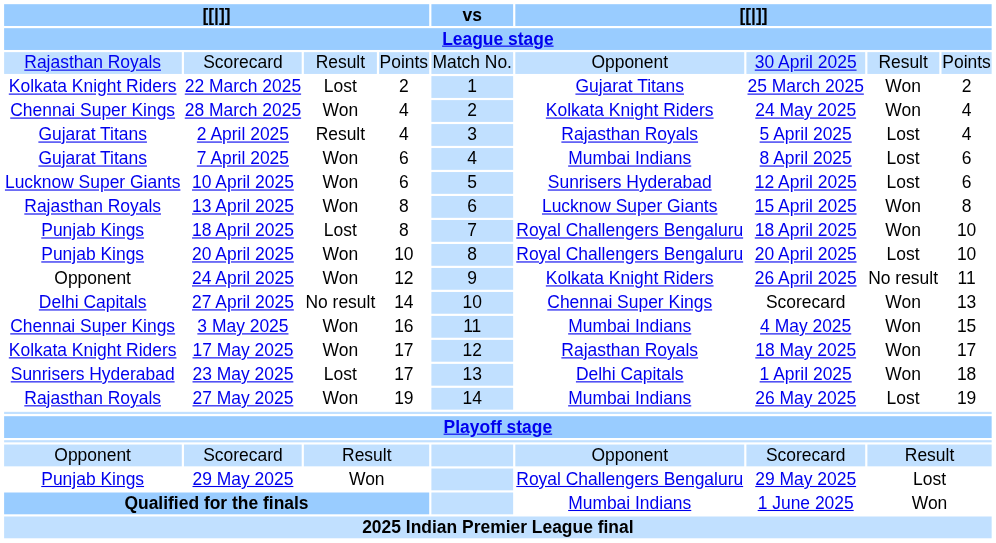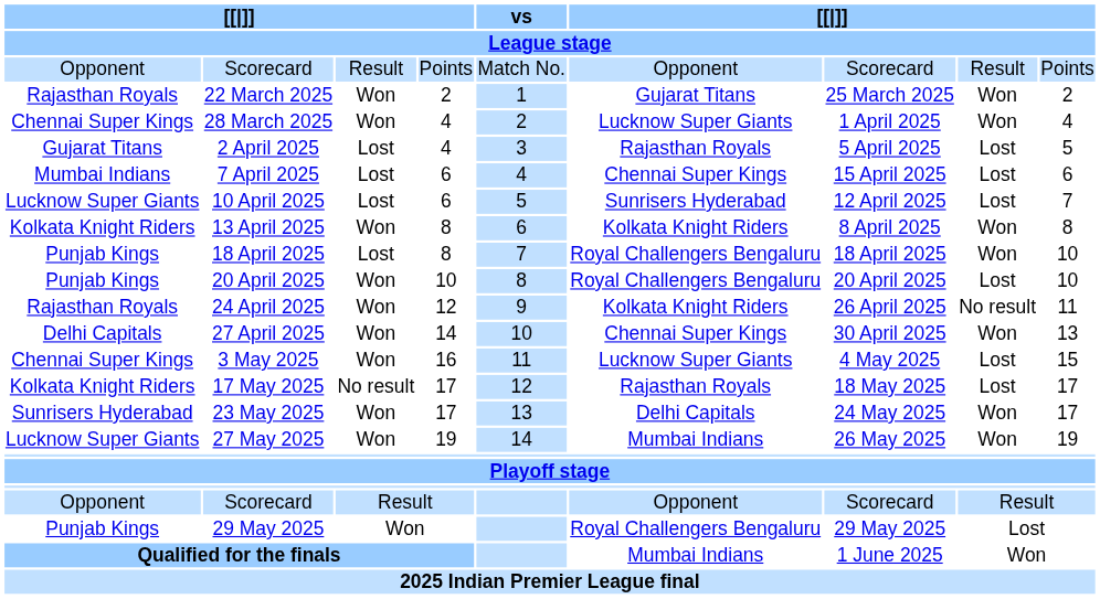 <table style="text-align:center;margin:auto;">
 <tr style="vertical-align:top;background:#99CCFF">
 <th colspan="4" style="background:#">[[|<span></span>]]</th>
 <th>vs</th>
 <th colspan="4" style="background:#">[[|<span></span>]]</th>
 </tr>
 <tr style="vertical-align:top;background:#99CCFF">
 <th colspan="9"><a href='#'>League stage</a></th>
 </tr>
 <tr style="vertical-align:top;background:#C1E0FF">
-<td style="text-align:center"><a href='#'>Rajasthan Royals</a></td>
+<td>Opponent</td>
 <td>Scorecard</td>
 <td>Result</td>
 <td>Points</td>
 <td>Match No.</td>
 <td>Opponent</td>
-<td><a href='#'>30 April 2025</a></td>
+<td>Scorecard</td>
 <td>Result</td>
 <td>Points</td>
 </tr>
 <tr>
-<td style="text-align:center;margin:auto;"><a href='#'>Kolkata Knight Riders</a></td>
+<td style="text-align:center"><a href='#'>Rajasthan Royals</a></td>
 <td><a href='#'>22 March 2025</a></td>
-<td>Lost</td>
+<td>Won</td>
 <td>2</td>
 <td style="background:#C1E0FF">1</td>
 <td style="text-align:center"><a href='#'>Gujarat Titans</a></td>
 <td><a href='#'>25 March 2025</a></td>
 <td>Won</td>
 <td>2</td>
 </tr>
 <tr>
 <td style="text-align:center"><a href='#'>Chennai Super Kings</a></td>
 <td><a href='#'>28 March 2025</a></td>
 <td>Won</td>
 <td>4</td>
 <td style="background:#C1E0FF">2</td>
-<td style="text-align:center"><a href='#'>Kolkata Knight Riders</a></td>
-<td><a href='#'>24 May 2025</a></td>
+<td style="text-align:center"><a href='#'>Lucknow Super Giants</a></td>
+<td><a href='#'>1 April 2025</a></td>
 <td>Won</td>
 <td>4</td>
 </tr>
 <tr>
 <td style="text-align:center"><a href='#'>Gujarat Titans</a></td>
 <td><a href='#'>2 April 2025</a></td>
-<td>Result</td>
+<td>Lost</td>
 <td>4</td>
 <td style="background:#C1E0FF">3</td>
 <td style="text-align:center"><a href='#'>Rajasthan Royals</a></td>
 <td><a href='#'>5 April 2025</a></td>
 <td>Lost</td>
-<td>4</td>
+<td>5</td>
 </tr>
 <tr>
-<td style="text-align:center"><a href='#'>Gujarat Titans</a></td>
+<td style="text-align:center"><a href='#'>Mumbai Indians</a></td>
 <td><a href='#'>7 April 2025</a></td>
-<td>Won</td>
+<td>Lost</td>
 <td>6</td>
 <td style="background:#C1E0FF">4</td>
-<td style="text-align:center"><a href='#'>Mumbai Indians</a></td>
-<td><a href='#'>8 April 2025</a></td>
+<td style="text-align:center"><a href='#'>Chennai Super Kings</a></td>
+<td><a href='#'>15 April 2025</a></td>
 <td>Lost</td>
 <td>6</td>
 </tr>
 <tr>
 <td style="text-align:center"><a href='#'>Lucknow Super Giants </a></td>
 <td><a href='#'>10 April 2025</a></td>
-<td>Won</td>
+<td>Lost</td>
 <td>6</td>
 <td style="background:#C1E0FF">5</td>
 <td style="text-align:center"><a href='#'>Sunrisers Hyderabad</a></td>
 <td><a href='#'>12 April 2025</a></td>
 <td>Lost</td>
-<td>6</td>
+<td>7</td>
 </tr>
 <tr>
-<td style="text-align:center"><a href='#'>Rajasthan Royals</a></td>
+<td style="text-align:center;margin:auto;"><a href='#'>Kolkata Knight Riders</a></td>
 <td><a href='#'>13 April 2025</a></td>
 <td>Won</td>
 <td>8</td>
 <td style="background:#C1E0FF">6</td>
-<td style="text-align:center"><a href='#'>Lucknow Super Giants</a></td>
-<td><a href='#'>15 April 2025</a></td>
+<td style="text-align:center"><a href='#'>Kolkata Knight Riders</a></td>
+<td><a href='#'>8 April 2025</a></td>
 <td>Won</td>
 <td>8</td>
 </tr>
 <tr>
 <td style="text-align:center"><a href='#'>Punjab Kings</a></td>
 <td><a href='#'>18 April 2025</a></td>
 <td>Lost</td>
 <td>8</td>
 <td style="background:#C1E0FF">7</td>
 <td style="text-align:center"><a href='#'>Royal Challengers Bengaluru</a></td>
 <td><a href='#'>18 April 2025</a></td>
 <td>Won</td>
 <td>10</td>
 </tr>
 <tr>
 <td style="text-align:center"><a href='#'>Punjab Kings</a></td>
 <td><a href='#'>20 April 2025</a></td>
 <td>Won</td>
 <td>10</td>
 <td style="background:#C1E0FF">8</td>
 <td style="text-align:center"><a href='#'>Royal Challengers Bengaluru</a></td>
 <td><a href='#'>20 April 2025</a></td>
 <td>Lost</td>
 <td>10</td>
 </tr>
 <tr>
-<td>Opponent</td>
+<td style="text-align:center"><a href='#'>Rajasthan Royals</a></td>
 <td><a href='#'>24 April 2025</a></td>
 <td>Won</td>
 <td>12</td>
 <td style="background:#C1E0FF">9</td>
 <td style="text-align:center"><a href='#'>Kolkata Knight Riders</a></td>
 <td><a href='#'>26 April 2025</a></td>
 <td>No result</td>
 <td>11</td>
 </tr>
 <tr>
 <td style="text-align:center"><a href='#'>Delhi Capitals</a></td>
 <td><a href='#'>27 April 2025</a></td>
-<td>No result</td>
+<td>Won</td>
 <td>14</td>
 <td style="background:#C1E0FF">10</td>
 <td style="text-align:center"><a href='#'>Chennai Super Kings</a></td>
-<td>Scorecard</td>
+<td><a href='#'>30 April 2025</a></td>
 <td>Won</td>
 <td>13</td>
 </tr>
 <tr>
 <td style="text-align:center"><a href='#'>Chennai Super Kings</a></td>
 <td><a href='#'>3 May 2025</a></td>
 <td>Won</td>
 <td>16</td>
 <td style="background:#C1E0FF">11</td>
-<td style="text-align:center"><a href='#'>Mumbai Indians</a></td>
+<td style="text-align:center"><a href='#'>Lucknow Super Giants</a></td>
 <td><a href='#'>4 May 2025</a></td>
-<td>Won</td>
+<td>Lost</td>
 <td>15</td>
 </tr>
 <tr>
 <td style="text-align:center"><a href='#'>Kolkata Knight Riders</a></td>
 <td><a href='#'>17 May 2025</a></td>
-<td>Won</td>
+<td>No result</td>
 <td>17</td>
 <td style="background:#C1E0FF">12</td>
 <td style="text-align:center"><a href='#'>Rajasthan Royals</a></td>
 <td><a href='#'>18 May 2025</a></td>
-<td>Won</td>
+<td>Lost</td>
 <td>17</td>
 </tr>
 <tr>
 <td style="text-align:center"><a href='#'>Sunrisers Hyderabad</a></td>
 <td><a href='#'>23 May 2025</a></td>
-<td>Lost</td>
+<td>Won</td>
 <td>17</td>
 <td style="background:#C1E0FF">13</td>
 <td style="text-align:center"><a href='#'>Delhi Capitals</a></td>
-<td><a href='#'>1 April 2025</a></td>
+<td><a href='#'>24 May 2025</a></td>
 <td>Won</td>
-<td>18</td>
+<td>17</td>
 </tr>
 <tr>
-<td style="text-align:center"><a href='#'>Rajasthan Royals</a></td>
+<td style="text-align:center"><a href='#'>Lucknow Super Giants </a></td>
 <td><a href='#'>27 May 2025</a></td>
 <td>Won</td>
 <td>19</td>
 <td style="background:#C1E0FF">14</td>
 <td style="text-align:center"><a href='#'>Mumbai Indians</a></td>
 <td><a href='#'>26 May 2025</a></td>
-<td>Lost</td>
+<td>Won</td>
 <td>19</td>
 </tr>
 <tr>
 <td colspan="9" style="text-align:left;background:#C1E0FF;"></td>
 </tr>
 <tr style="vertical-align:top;background:#99CCFF">
 <th colspan="9"><a href='#'>Playoff stage</a></th>
 </tr>
 <tr style="text-align:left;background:#C1E0FF">
 <td colspan="9"></td>
 </tr>
 <tr style="vertical-align:top;background:#C1E0FF">
 <td>Opponent</td>
 <td>Scorecard</td>
 <td colspan="2">Result</td>
 <td></td>
 <td>Opponent</td>
 <td>Scorecard</td>
 <td colspan="2">Result</td>
 </tr>
 <tr>
 <td style="text-align:center"><a href='#'>Punjab Kings</a></td>
 <td><a href='#'>29 May 2025</a></td>
 <td colspan="2">Won</td>
 <td style="background:#C1E0FF"></td>
 <td style="text-align:center"><a href='#'>Royal Challengers Bengaluru</a></td>
 <td><a href='#'>29 May 2025</a></td>
 <td colspan="2">Lost</td>
 </tr>
 <tr>
 <th colspan="4" style="text-align:center;background:#99CCFF">Qualified for the finals</th>
 <td style="background:#C1E0FF"></td>
 <td style="text-align:center"><a href='#'>Mumbai Indians</a></td>
 <td><a href='#'>1 June 2025</a></td>
 <td colspan="2">Won</td>
 </tr>
 <tr style="vertical-align:top;background:#C1E0FF">
 <th colspan="9"><strong>2025 Indian Premier League final</strong></th>
 </tr>
 </table>
